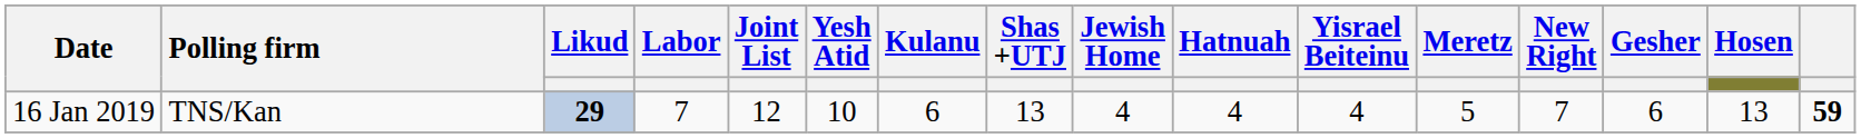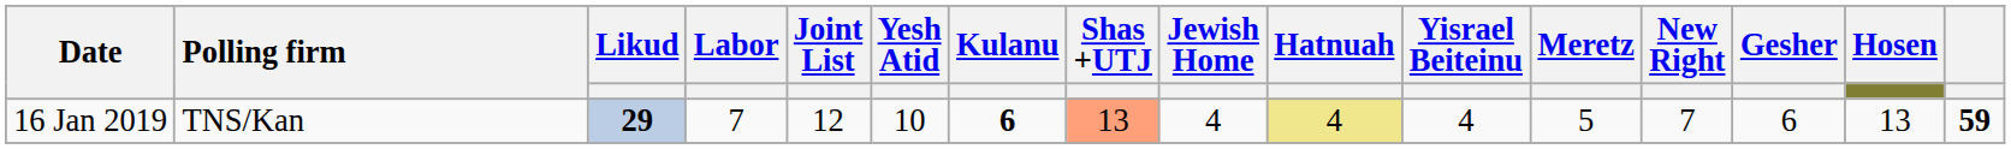 <table class="wikitable" style="text-align:center; font-size:90%; line-height:14px;">
 <tr>
 <th rowspan="2">Date</th>
 <th style="width:180px;text-align:left;" rowspan="2">Polling firm</th>
 <th><a href='#'>Likud</a></th>
 <th><a href='#'>Labor</a></th>
 <th><a href='#'>Joint<br>List</a></th>
 <th><a href='#'>Yesh<br>Atid</a></th>
 <th><a href='#'>Kulanu</a></th>
 <th><a href='#'>Shas</a><br>+<a href='#'>UTJ</a></th>
 <th><a href='#'>Jewish<br>Home</a></th>
 <th><a href='#'>Hatnuah</a></th>
 <th><a href='#'>Yisrael<br>Beiteinu</a></th>
 <th><a href='#'>Meretz</a></th>
 <th><a href='#'>New<br>Right</a></th>
 <th><a href='#'>Gesher</a></th>
 <th><a href='#'>Hosen</a></th>
 <th style="width:20px;"></th>
 </tr>
 <tr>
 <th style="color:inherit;background:"></th>
 <th style="color:inherit;background:"></th>
 <th style="color:inherit;background:"></th>
 <th style="color:inherit;background:"></th>
 <th style="color:inherit;background:"></th>
 <th style="color:inherit;background:"></th>
 <th style="color:inherit;background:"></th>
 <th style="color:inherit;background:"></th>
 <th style="color:inherit;background:"></th>
 <th style="color:inherit;background:"></th>
 <th style="color:inherit;background:"></th>
 <th style="color:inherit;background:"></th>
 <th style="color:inherit;background:#807e33; "></th>
 <th style="color:inherit;background:"></th>
 </tr>
 <tr>
 <td>16 Jan 2019</td>
 <td style="text-align:left;">TNS/Kan</td>
 <td style="background:#BBCDE4"><strong>29</strong>	</td>
 <td>7					</td>
 <td>12					</td>
 <td>10					</td>
-<td>6					</td>
-<td>13					</td>
+<td><strong>6					</strong></td>
+<td style="background: lightsalmon;">13					</td>
 <td>4					</td>
-<td>4					</td>
+<td style="background: khaki;">4					</td>
 <td>4					</td>
 <td>5					</td>
 <td>7					</td>
 <td>6					</td>
 <td>13					</td>
 <td><strong>59</strong>				</td>
 </tr>
 </table>
